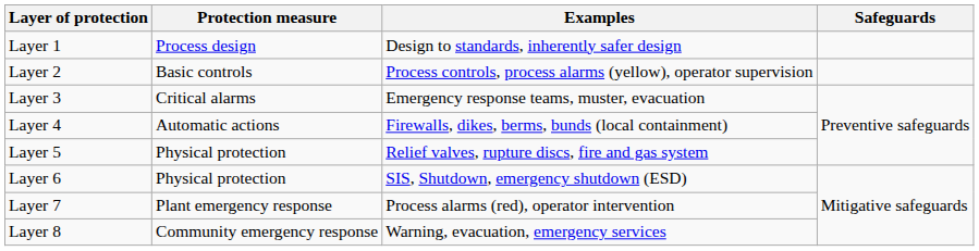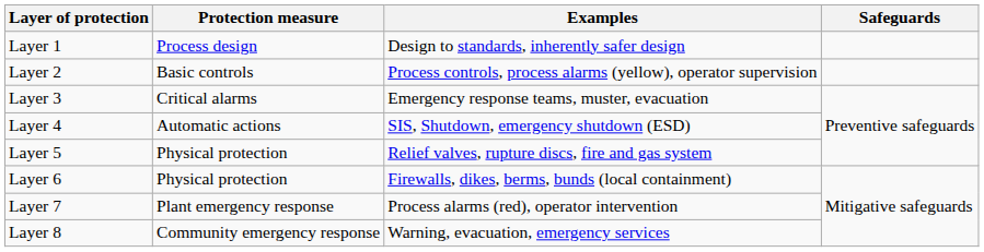 <table class="wikitable">
 <tr>
 <th>Layer of protection</th>
 <th>Protection measure</th>
 <th>Examples</th>
 <th>Safeguards</th>
 </tr>
 <tr>
 <td>Layer 1</td>
 <td><a href='#'>Process design</a></td>
 <td>Design to <a href='#'>standards</a>, <a href='#'>inherently safer design</a></td>
 <td></td>
 </tr>
 <tr>
 <td>Layer 2</td>
 <td>Basic controls</td>
 <td><a href='#'>Process controls</a>, <a href='#'>process alarms</a> (yellow), operator supervision</td>
 <td></td>
 </tr>
 <tr>
 <td>Layer 3</td>
 <td>Critical alarms</td>
 <td>Emergency response teams, muster, evacuation</td>
 <td rowspan="3">Preventive safeguards</td>
 </tr>
 <tr>
 <td>Layer 4</td>
 <td>Automatic actions</td>
-<td><a href='#'>Firewalls</a>, <a href='#'>dikes</a>, <a href='#'>berms</a>, <a href='#'>bunds</a> (local containment)</td>
+<td><a href='#'>SIS</a>, <a href='#'>Shutdown</a>, <a href='#'>emergency shutdown</a> (ESD)</td>
 </tr>
 <tr>
 <td>Layer 5</td>
 <td>Physical protection</td>
 <td><a href='#'>Relief valves</a>, <a href='#'>rupture discs</a>, <a href='#'>fire and gas system</a></td>
 </tr>
 <tr>
 <td>Layer 6</td>
 <td>Physical protection</td>
-<td><a href='#'>SIS</a>, <a href='#'>Shutdown</a>, <a href='#'>emergency shutdown</a> (ESD)</td>
+<td><a href='#'>Firewalls</a>, <a href='#'>dikes</a>, <a href='#'>berms</a>, <a href='#'>bunds</a> (local containment)</td>
 <td rowspan="3">Mitigative safeguards</td>
 </tr>
 <tr>
 <td>Layer 7</td>
 <td>Plant emergency response</td>
 <td>Process alarms (red), operator intervention</td>
 </tr>
 <tr>
 <td>Layer 8</td>
 <td>Community emergency response</td>
 <td>Warning, evacuation, <a href='#'>emergency services</a></td>
 </tr>
 </table>
